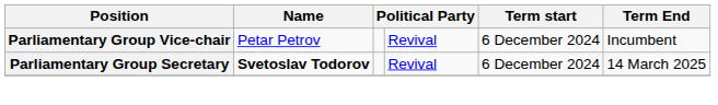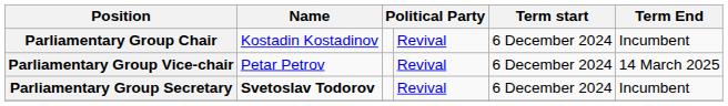 <table class="wikitable plainrowheaders">
 <tr>
 <th>Position</th>
 <th>Name</th>
 <th colspan="2">Political Party</th>
 <th>Term start</th>
 <th>Term End</th>
 </tr>
 <tr>
+<th>Parliamentary Group Chair</th>
+<td><a href='#'>Kostadin Kostadinov</a></td>
+<td style="background:"></td>
+<td><a href='#'>Revival</a></td>
+<td>6 December 2024</td>
+<td>Incumbent</td>
+</tr>
+<tr>
 <th>Parliamentary Group Vice-chair</th>
 <td><a href='#'>Petar Petrov</a></td>
 <td style="background:"></td>
 <td><a href='#'>Revival</a></td>
 <td>6 December 2024</td>
-<td>Incumbent</td>
+<td>14 March 2025</td>
 </tr>
 <tr>
 <th>Parliamentary Group Secretary</th>
 <td><strong>Svetoslav Todorov</strong></td>
 <td style="background:"></td>
 <td><a href='#'>Revival</a></td>
 <td>6 December 2024</td>
-<td>14 March 2025</td>
+<td>Incumbent</td>
 </tr>
 <tr>
 </tr>
 </table>
